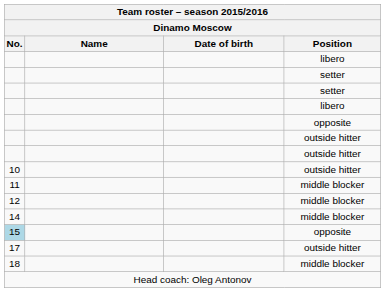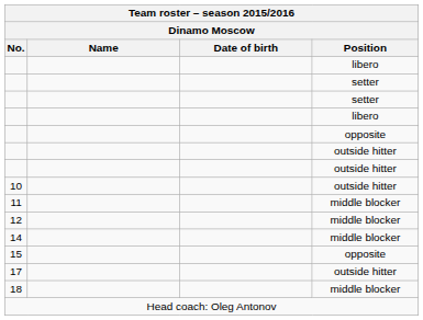 <table class="wikitable collapsible collapsed sortable" style="font-size:100%; text-align:center;">
 <tr>
 <th colspan=6>Team roster – season 2015/2016</th>
 </tr>
 <tr>
 <th colspan=6>Dinamo Moscow</th>
 </tr>
 <tr>
 <th>No.</th>
 <th style="width:15em">Name</th>
 <th style="width:13em">Date of birth</th>
 <th style="width:10em">Position</th>
 </tr>
 <tr>
 <td></td>
 <td align=left> </td>
 <td align=right></td>
 <td>libero</td>
 </tr>
 <tr>
 <td></td>
 <td align=left> </td>
 <td align=right></td>
 <td>setter</td>
 </tr>
 <tr>
 <td></td>
 <td align=left> </td>
 <td align=right></td>
 <td>setter</td>
 </tr>
 <tr>
 <td></td>
 <td align=left> </td>
 <td align=right></td>
 <td>libero</td>
 </tr>
 <tr>
 <td></td>
 <td align=left> </td>
 <td align=right></td>
 <td>opposite</td>
 </tr>
 <tr>
 <td></td>
 <td align=left> </td>
 <td align=right></td>
 <td>outside hitter</td>
 </tr>
 <tr>
 <td></td>
 <td align=left> </td>
 <td align=right></td>
 <td>outside hitter</td>
 </tr>
 <tr>
 <td>10</td>
 <td align=left> </td>
 <td align=right></td>
 <td>outside hitter</td>
 </tr>
 <tr>
 <td>11</td>
 <td align=left> </td>
 <td align=right></td>
 <td>middle blocker</td>
 </tr>
 <tr>
 <td>12</td>
 <td align=left> </td>
 <td align=right></td>
 <td>middle blocker</td>
 </tr>
 <tr>
 <td>14</td>
 <td align=left> </td>
 <td align=right></td>
 <td>middle blocker</td>
 </tr>
 <tr>
-<td style="background: lightblue;">15</td>
+<td>15</td>
 <td align=left> </td>
 <td align=right></td>
 <td>opposite</td>
 </tr>
 <tr>
 <td>17</td>
 <td align=left> </td>
 <td align=right></td>
 <td>outside hitter</td>
 </tr>
 <tr>
 <td>18</td>
 <td align=left> </td>
 <td align=right></td>
 <td>middle blocker</td>
 </tr>
 <tr>
 <td colspan=4>Head coach: Oleg Antonov</td>
 </tr>
 </table>
